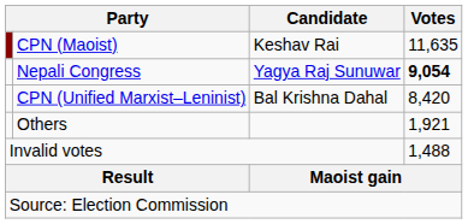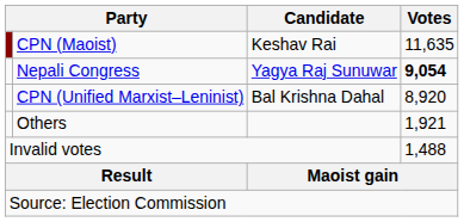 <table class="wikitable">
 <tr>
 <th colspan="2">Party</th>
 <th>Candidate</th>
 <th>Votes</th>
 </tr>
 <tr>
 <td style="background-color:darkred"></td>
 <td><a href='#'>CPN (Maoist)</a></td>
 <td>Keshav Rai</td>
 <td>11,635</td>
 </tr>
 <tr>
 <td style="background-color:"></td>
 <td><a href='#'>Nepali Congress</a></td>
 <td><a href='#'>Yagya Raj Sunuwar</a></td>
 <td><strong>9,054</strong></td>
 </tr>
 <tr>
 <td style="background-color:"></td>
 <td><a href='#'>CPN (Unified Marxist–Leninist)</a></td>
 <td>Bal Krishna Dahal</td>
-<td>8,420</td>
+<td>8,920</td>
 </tr>
 <tr>
 <td></td>
 <td>Others</td>
 <td></td>
 <td>1,921</td>
 </tr>
 <tr>
 <td colspan="3">Invalid votes</td>
 <td>1,488</td>
 </tr>
 <tr>
 <th colspan="2">Result</th>
 <th colspan="2">Maoist gain</th>
 </tr>
 <tr>
 <td colspan="4">Source: Election Commission</td>
 </tr>
 </table>
